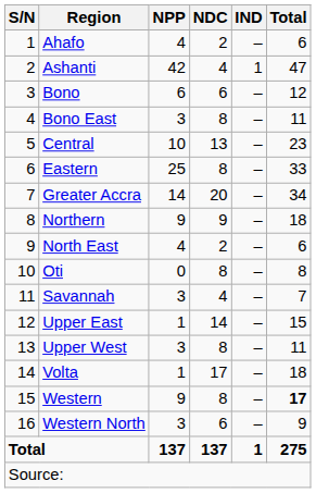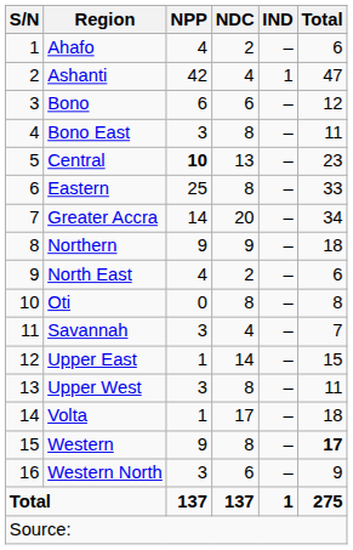 <table class="wikitable sortable" style=text-align:right>
 <tr>
 <th>S/N</th>
 <th>Region</th>
 <th>NPP</th>
 <th>NDC</th>
 <th>IND</th>
 <th>Total</th>
 </tr>
 <tr>
 <td>1</td>
 <td align=left><a href='#'>Ahafo</a></td>
 <td>4</td>
 <td>2</td>
 <td>–</td>
 <td>6</td>
 </tr>
 <tr>
 <td>2</td>
 <td align=left><a href='#'>Ashanti</a></td>
 <td>42</td>
 <td>4</td>
 <td>1</td>
 <td>47</td>
 </tr>
 <tr>
 <td>3</td>
 <td align=left><a href='#'>Bono</a></td>
 <td>6</td>
 <td>6</td>
 <td>–</td>
 <td>12</td>
 </tr>
 <tr>
 <td>4</td>
 <td align=left><a href='#'>Bono East</a></td>
 <td>3</td>
 <td>8</td>
 <td>–</td>
 <td>11</td>
 </tr>
 <tr>
 <td>5</td>
 <td align=left><a href='#'>Central</a></td>
-<td>10</td>
+<td><strong>10</strong></td>
 <td>13</td>
 <td>–</td>
 <td>23</td>
 </tr>
 <tr>
 <td>6</td>
 <td align=left><a href='#'>Eastern</a></td>
 <td>25</td>
 <td>8</td>
 <td>–</td>
 <td>33</td>
 </tr>
 <tr>
 <td>7</td>
 <td align=left><a href='#'>Greater Accra</a></td>
 <td>14</td>
 <td>20</td>
 <td>–</td>
 <td>34</td>
 </tr>
 <tr>
 <td>8</td>
 <td align=left><a href='#'>Northern</a></td>
 <td>9</td>
 <td>9</td>
 <td>–</td>
 <td>18</td>
 </tr>
 <tr>
 <td>9</td>
 <td align=left><a href='#'>North East</a></td>
 <td>4</td>
 <td>2</td>
 <td>–</td>
 <td>6</td>
 </tr>
 <tr>
 <td>10</td>
 <td align=left><a href='#'>Oti</a></td>
 <td>0</td>
 <td>8</td>
 <td>–</td>
 <td>8</td>
 </tr>
 <tr>
 <td>11</td>
 <td align=left><a href='#'>Savannah</a></td>
 <td>3</td>
 <td>4</td>
 <td>–</td>
 <td>7</td>
 </tr>
 <tr>
 <td>12</td>
 <td align=left><a href='#'>Upper East</a></td>
 <td>1</td>
 <td>14</td>
 <td>–</td>
 <td>15</td>
 </tr>
 <tr>
 <td>13</td>
 <td align=left><a href='#'>Upper West</a></td>
 <td>3</td>
 <td>8</td>
 <td>–</td>
 <td>11</td>
 </tr>
 <tr>
 <td>14</td>
 <td align=left><a href='#'>Volta</a></td>
 <td>1</td>
 <td>17</td>
 <td>–</td>
 <td>18</td>
 </tr>
 <tr>
 <td>15</td>
 <td align=left><a href='#'>Western</a></td>
 <td>9</td>
 <td>8</td>
 <td>–</td>
 <td><strong>17</strong></td>
 </tr>
 <tr>
 <td>16</td>
 <td align=left><a href='#'>Western North</a></td>
 <td>3</td>
 <td>6</td>
 <td>–</td>
 <td>9</td>
 </tr>
 <tr class=sortbottom>
 <td colspan=2 align=left><strong>Total</strong></td>
 <td><strong>137</strong></td>
 <td><strong>137</strong></td>
 <td><strong>1</strong></td>
 <td><strong>275</strong></td>
 </tr>
 <tr class=sortbottom>
 <td colspan=7 align=left>Source: </td>
 </tr>
 </table>
